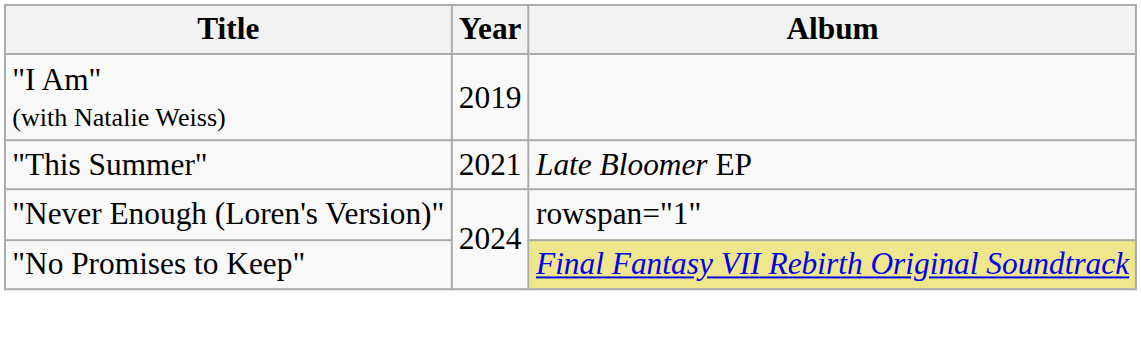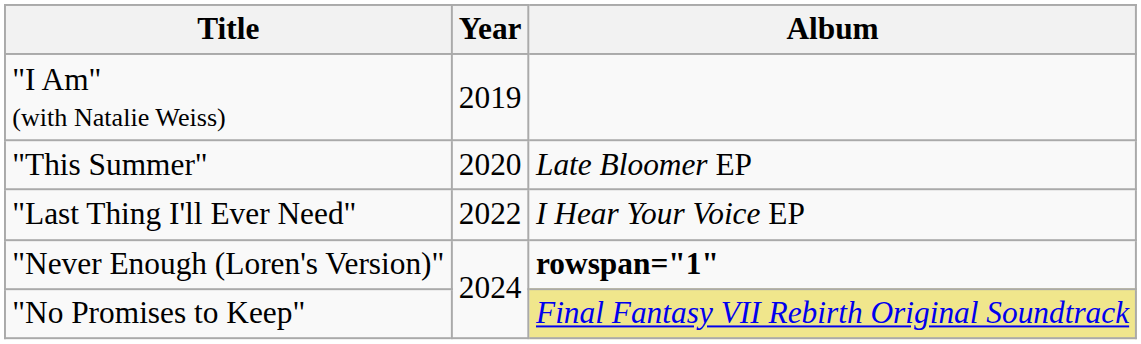 <table class="wikitable">
 <tr>
 <th>Title</th>
 <th>Year</th>
 <th>Album</th>
 </tr>
 <tr>
 <td>"I Am"<br><small>(with Natalie Weiss)</small></td>
 <td>2019</td>
 <td></td>
 </tr>
 <tr>
 <td>"This Summer"</td>
-<td>2021</td>
+<td>2020</td>
 <td><em>Late Bloomer</em> EP</td>
+</tr>
+<tr>
+<td>"Last Thing I'll Ever Need"</td>
+<td>2022</td>
+<td><em>I Hear Your Voice</em> EP</td>
 </tr>
 <tr>
 <td>"Never Enough (Loren's Version)"</td>
 <td rowspan="2">2024</td>
-<td>rowspan="1" </td>
+<td><strong>rowspan="1" </strong></td>
 </tr>
 <tr>
 <td rowspan="1">"No Promises to Keep"</td>
 <td style="background: khaki;"><em><a href='#'>Final Fantasy VII Rebirth Original Soundtrack</a></em></td>
 </tr>
 </table>
